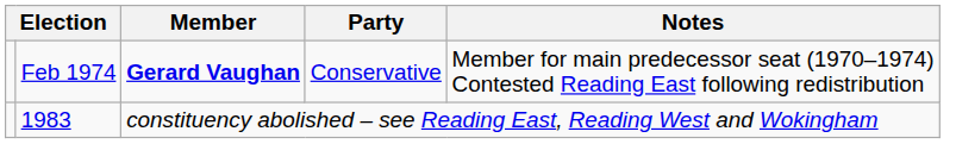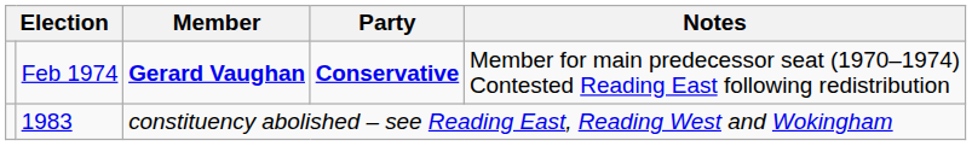 <table class="wikitable">
 <tr>
 <th colspan="2">Election</th>
 <th>Member</th>
 <th>Party</th>
 <th>Notes</th>
 </tr>
 <tr>
 <td style="color:inherit;background-color: "></td>
 <td><a href='#'>Feb 1974</a></td>
 <td><strong><a href='#'>Gerard Vaughan</a></strong></td>
-<td><a href='#'>Conservative</a></td>
+<td><strong><a href='#'>Conservative</a></strong></td>
 <td>Member for main predecessor seat (1970–1974)<br>Contested <a href='#'>Reading East</a> following redistribution</td>
 </tr>
 <tr>
 <td></td>
 <td><a href='#'>1983</a></td>
 <td colspan="3"><em>constituency abolished – see <a href='#'>Reading East</a>, <a href='#'>Reading West</a> and <a href='#'>Wokingham</a></em></td>
 </tr>
 </table>
